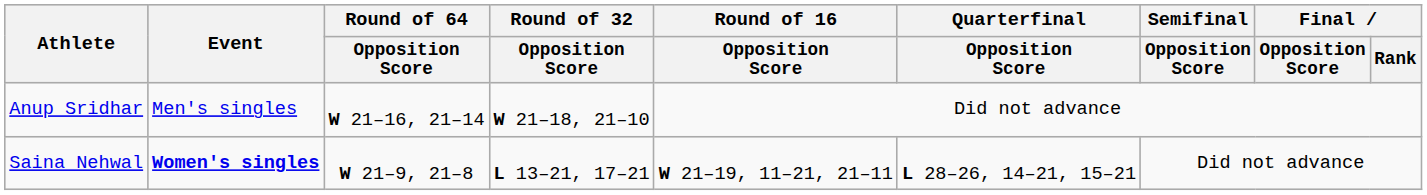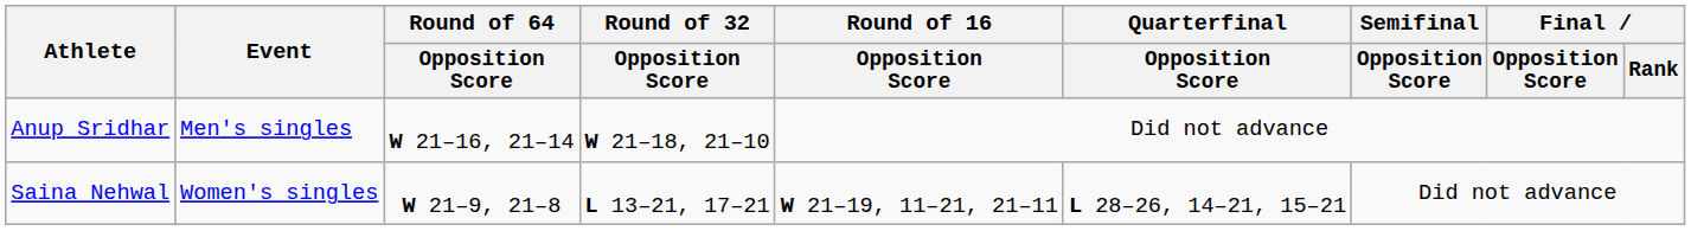 <table class=wikitable style="font-size:90%">
 <tr>
 <th rowspan="2">Athlete</th>
 <th rowspan="2">Event</th>
 <th>Round of 64</th>
 <th>Round of 32</th>
 <th>Round of 16</th>
 <th>Quarterfinal</th>
 <th>Semifinal</th>
 <th colspan=2>Final / </th>
 </tr>
 <tr style="font-size:95%">
 <th>Opposition<br>Score</th>
 <th>Opposition<br>Score</th>
 <th>Opposition<br>Score</th>
 <th>Opposition<br>Score</th>
 <th>Opposition<br>Score</th>
 <th>Opposition<br>Score</th>
 <th>Rank</th>
 </tr>
 <tr align=center>
 <td align=left><a href='#'>Anup Sridhar</a></td>
 <td align=left><a href='#'>Men's singles</a></td>
 <td><br><strong>W</strong> 21–16, 21–14</td>
 <td><br><strong>W</strong> 21–18, 21–10</td>
 <td colspan=5>Did not advance</td>
 </tr>
 <tr align=center>
 <td align=left><a href='#'>Saina Nehwal</a></td>
-<td align=left><strong><a href='#'>Women's singles</a></strong></td>
+<td align=left><a href='#'>Women's singles</a></td>
 <td><br><strong>W</strong> 21–9, 21–8</td>
 <td><br><strong>L</strong> 13–21, 17–21</td>
 <td><br><strong>W</strong> 21–19, 11–21, 21–11</td>
 <td><br><strong>L</strong> 28–26, 14–21, 15–21</td>
 <td colspan=3>Did not advance</td>
 </tr>
 </table>
